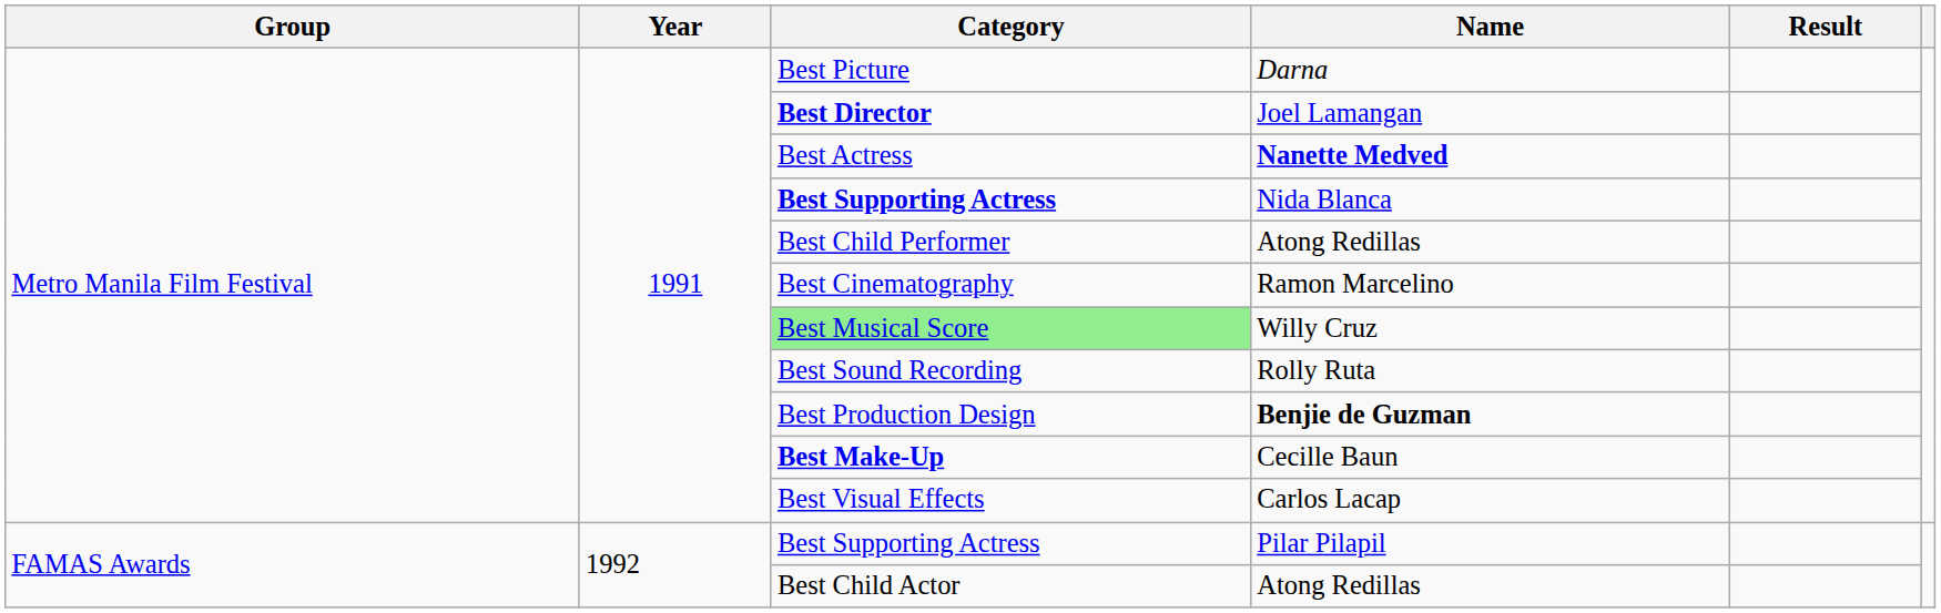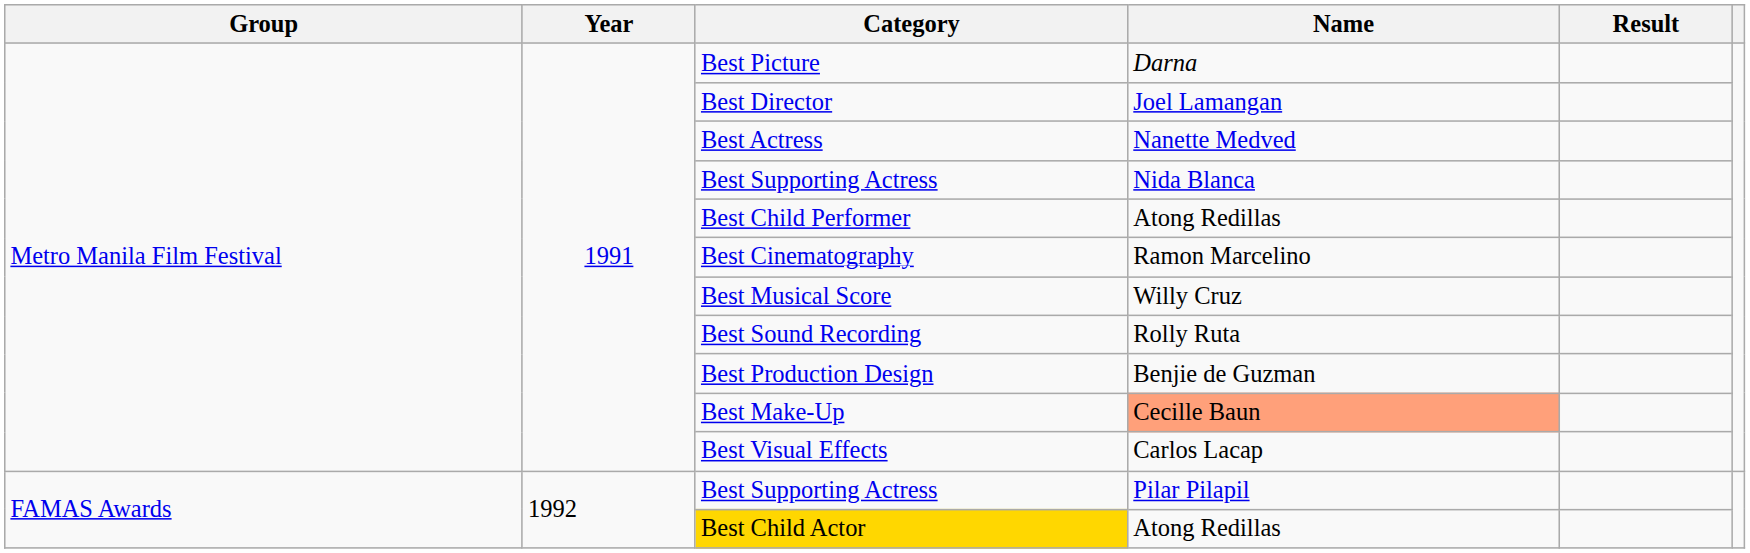 <table | width="90%" class="wikitable sortable">
 <tr>
 <th width="30%">Group</th>
 <th width="10%">Year</th>
 <th width="25%">Category</th>
 <th width="25%">Name</th>
 <th width="10%">Result</th>
 <th></th>
 </tr>
 <tr>
 <td rowspan="11" align="left"><a href='#'>Metro Manila Film Festival</a></td>
 <td rowspan="11" align="center"><a href='#'>1991</a></td>
 <td align="left"><a href='#'>Best Picture</a></td>
 <td><em>Darna</em></td>
 <td></td>
 <td rowspan="11"></td>
 </tr>
 <tr>
-<td><strong><a href='#'>Best Director</a></strong></td>
+<td><a href='#'>Best Director</a></td>
 <td><a href='#'>Joel Lamangan</a></td>
 <td></td>
 </tr>
 <tr>
 <td><a href='#'>Best Actress</a></td>
-<td><strong><a href='#'>Nanette Medved</a></strong></td>
+<td><a href='#'>Nanette Medved</a></td>
 <td></td>
 </tr>
 <tr>
-<td><strong><a href='#'>Best Supporting Actress</a></strong></td>
+<td><a href='#'>Best Supporting Actress</a></td>
 <td><a href='#'>Nida Blanca</a></td>
 <td></td>
 </tr>
 <tr>
 <td><a href='#'>Best Child Performer</a></td>
 <td>Atong Redillas</td>
 <td></td>
 </tr>
 <tr>
 <td><a href='#'>Best Cinematography</a></td>
 <td>Ramon Marcelino</td>
 <td></td>
 </tr>
 <tr>
-<td style="background: lightgreen;"><a href='#'>Best Musical Score</a></td>
+<td><a href='#'>Best Musical Score</a></td>
 <td>Willy Cruz</td>
 <td></td>
 </tr>
 <tr>
 <td><a href='#'>Best Sound Recording</a></td>
 <td>Rolly Ruta</td>
 <td></td>
 </tr>
 <tr>
 <td><a href='#'>Best Production Design</a></td>
-<td><strong>Benjie de Guzman</strong></td>
+<td>Benjie de Guzman</td>
 <td></td>
 </tr>
 <tr>
-<td><strong><a href='#'>Best Make-Up</a></strong></td>
-<td>Cecille Baun</td>
+<td><a href='#'>Best Make-Up</a></td>
+<td style="background: lightsalmon;">Cecille Baun</td>
 <td></td>
 </tr>
 <tr>
 <td><a href='#'>Best Visual Effects</a></td>
 <td>Carlos Lacap</td>
 <td></td>
 </tr>
 <tr>
 <td rowspan="2"><a href='#'>FAMAS Awards</a></td>
 <td rowspan="2">1992</td>
 <td><a href='#'>Best Supporting Actress</a></td>
 <td><a href='#'>Pilar Pilapil</a></td>
 <td></td>
 <td rowspan="2"></td>
 </tr>
 <tr>
-<td>Best Child Actor</td>
+<td style="background: gold;">Best Child Actor</td>
 <td>Atong Redillas</td>
 <td></td>
 </tr>
 </table>
